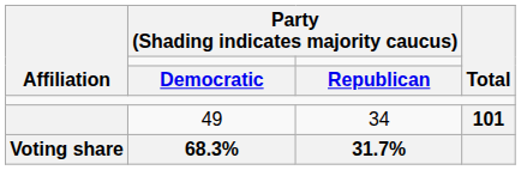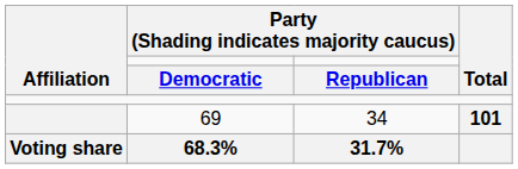 <table class=wikitable style="text-align:center">
 <tr style="vertical-align:bottom;">
 <th rowspan=3>Affiliation</th>
 <th colspan=2>Party <div>(Shading indicates majority caucus)</div></th>
 <th rowspan=3>Total</th>
 </tr>
 <tr style="height:5px">
 <td style="background-color:"></td>
 <td style="background-color:"></td>
 </tr>
 <tr>
 <th><a href='#'>Democratic</a></th>
 <th><a href='#'>Republican</a></th>
 </tr>
 <tr>
 <td colspan=5></td>
 </tr>
 <tr>
 <th nowrap style="font-size:80%"></th>
-<td>49</td>
+<td>69</td>
 <td>34</td>
 <th>101</th>
 </tr>
 <tr>
 <th>Voting share</th>
 <th>68.3%</th>
 <th>31.7%</th>
 <th colspan=2></th>
 </tr>
 </table>
